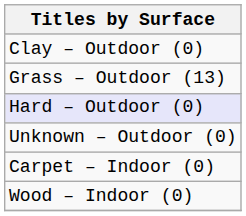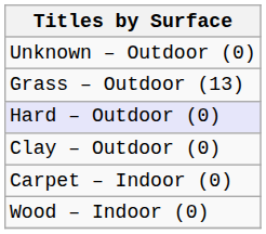 <table class="wikitable" style="display:inline-table;">
 <tr>
 <th>Titles by Surface</th>
 </tr>
 <tr>
-<td>Clay – Outdoor (0)</td>
+<td>Unknown – Outdoor (0)</td>
 </tr>
 <tr>
 <td>Grass – Outdoor (13)</td>
 </tr>
 <tr>
 <td style="background: lavender;">Hard – Outdoor (0)</td>
 </tr>
 <tr>
-<td>Unknown – Outdoor (0)</td>
+<td>Clay – Outdoor (0)</td>
 </tr>
 <tr>
 <td>Carpet – Indoor (0)</td>
 </tr>
 <tr>
 <td>Wood – Indoor (0)</td>
 </tr>
 <tr>
 </tr>
 </table>
